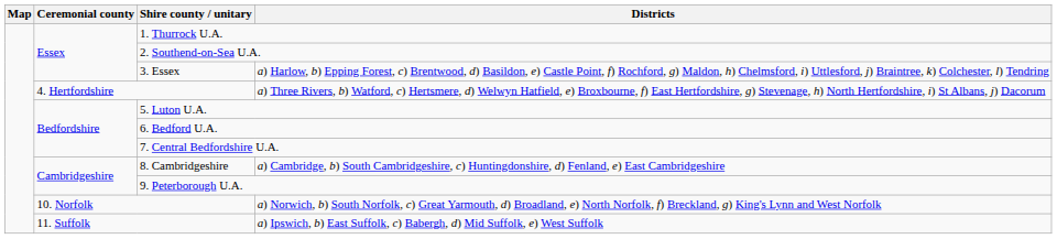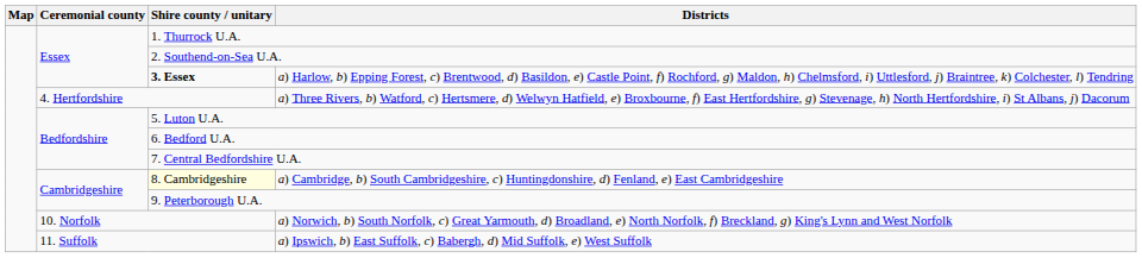 <table class="wikitable">
 <tr>
 <th>Map</th>
 <th>Ceremonial county</th>
 <th>Shire county / unitary</th>
 <th>Districts</th>
 </tr>
 <tr>
 <td rowspan="11"></td>
 <td rowspan="3"><a href='#'>Essex</a></td>
 <td colspan="2">1. <a href='#'>Thurrock</a> U.A.</td>
 </tr>
 <tr>
 <td colspan="2">2. <a href='#'>Southend-on-Sea</a> U.A.</td>
 </tr>
 <tr>
-<td>3. Essex</td>
+<td><strong>3. Essex</strong></td>
 <td><em>a</em>) <a href='#'>Harlow</a>, <em>b</em>) <a href='#'>Epping Forest</a>, <em>c</em>) <a href='#'>Brentwood</a>, <em>d</em>) <a href='#'>Basildon</a>, <em>e</em>) <a href='#'>Castle Point</a>, <em>f</em>) <a href='#'>Rochford</a>, <em>g</em>) <a href='#'>Maldon</a>, <em>h</em>) <a href='#'>Chelmsford</a>, <em>i</em>) <a href='#'>Uttlesford</a>, <em>j</em>) <a href='#'>Braintree</a>, <em>k</em>) <a href='#'>Colchester</a>, <em>l</em>) <a href='#'>Tendring</a></td>
 </tr>
 <tr>
 <td colspan="2">4. <a href='#'>Hertfordshire</a></td>
 <td><em>a</em>) <a href='#'>Three Rivers</a>, <em>b</em>) <a href='#'>Watford</a>, <em>c</em>) <a href='#'>Hertsmere</a>, <em>d</em>) <a href='#'>Welwyn Hatfield</a>, <em>e</em>) <a href='#'>Broxbourne</a>, <em>f</em>) <a href='#'>East Hertfordshire</a>, <em>g</em>) <a href='#'>Stevenage</a>, <em>h</em>) <a href='#'>North Hertfordshire</a>, <em>i</em>) <a href='#'>St Albans</a>, <em>j</em>) <a href='#'>Dacorum</a></td>
 </tr>
 <tr>
 <td rowspan="3"><a href='#'>Bedfordshire</a></td>
 <td colspan="2">5. <a href='#'>Luton</a> U.A.</td>
 </tr>
 <tr>
 <td colspan="2">6. <a href='#'>Bedford</a> U.A.</td>
 </tr>
 <tr>
 <td colspan="2">7. <a href='#'>Central Bedfordshire</a> U.A.</td>
 </tr>
 <tr>
 <td rowspan="2"><a href='#'>Cambridgeshire</a></td>
-<td>8. Cambridgeshire</td>
+<td style="background: lightyellow;">8. Cambridgeshire</td>
 <td><em>a</em>) <a href='#'>Cambridge</a>, <em>b</em>) <a href='#'>South Cambridgeshire</a>, <em>c</em>) <a href='#'>Huntingdonshire</a>, <em>d</em>) <a href='#'>Fenland</a>, <em>e</em>) <a href='#'>East Cambridgeshire</a></td>
 </tr>
 <tr>
 <td colspan="2">9. <a href='#'>Peterborough</a> U.A.</td>
 </tr>
 <tr>
 <td colspan="2">10. <a href='#'>Norfolk</a></td>
 <td><em>a</em>) <a href='#'>Norwich</a>, <em>b</em>) <a href='#'>South Norfolk</a>, <em>c</em>) <a href='#'>Great Yarmouth</a>, <em>d</em>) <a href='#'>Broadland</a>, <em>e</em>) <a href='#'>North Norfolk</a>, <em>f</em>) <a href='#'>Breckland</a>, <em>g</em>) <a href='#'>King's Lynn and West Norfolk</a></td>
 </tr>
 <tr>
 <td colspan="2">11. <a href='#'>Suffolk</a></td>
 <td><em>a</em>) <a href='#'>Ipswich</a>, <em>b</em>) <a href='#'>East Suffolk</a>, <em>c</em>) <a href='#'>Babergh</a>, <em>d</em>) <a href='#'>Mid Suffolk</a>, <em>e</em>) <a href='#'>West Suffolk</a></td>
 </tr>
 </table>
